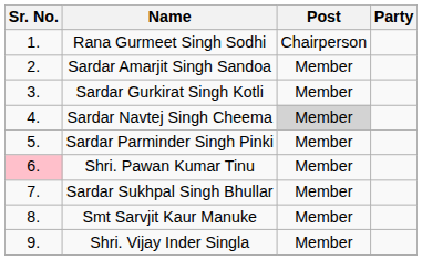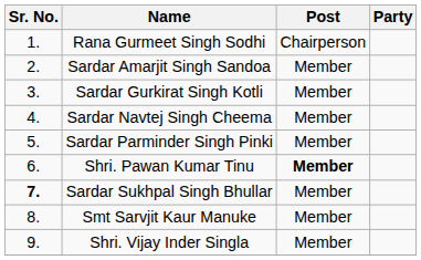 <table class="wikitable sortable">
 <tr>
 <th>Sr. No.</th>
 <th>Name</th>
 <th>Post</th>
 <th colspan="2">Party</th>
 </tr>
 <tr align="center">
 <td>1.</td>
 <td>Rana Gurmeet Singh Sodhi</td>
 <td>Chairperson</td>
 <td></td>
 </tr>
 <tr align="center">
 <td>2.</td>
 <td>Sardar Amarjit Singh Sandoa</td>
 <td>Member</td>
 <td></td>
 </tr>
 <tr align="center">
 <td>3.</td>
 <td>Sardar Gurkirat Singh Kotli</td>
 <td>Member</td>
 <td></td>
 </tr>
 <tr align="center">
 <td>4.</td>
 <td>Sardar Navtej Singh Cheema</td>
-<td style="background: lightgrey;">Member</td>
+<td>Member</td>
 <td></td>
 </tr>
 <tr align="center">
 <td>5.</td>
 <td>Sardar Parminder Singh Pinki</td>
 <td>Member</td>
 <td></td>
 </tr>
 <tr align="center">
-<td style="background: pink;">6.</td>
+<td>6.</td>
 <td>Shri. Pawan Kumar Tinu</td>
-<td>Member</td>
+<td><strong>Member</strong></td>
 <td></td>
 </tr>
 <tr align="center">
-<td>7.</td>
+<td><strong>7.</strong></td>
 <td>Sardar Sukhpal Singh Bhullar</td>
 <td>Member</td>
 <td></td>
 </tr>
 <tr align="center">
 <td>8.</td>
 <td>Smt Sarvjit Kaur Manuke</td>
 <td>Member</td>
 <td></td>
 </tr>
 <tr align="center">
 <td>9.</td>
 <td>Shri. Vijay Inder Singla</td>
 <td>Member</td>
 <td></td>
 </tr>
 <tr align="center">
 </tr>
 </table>
